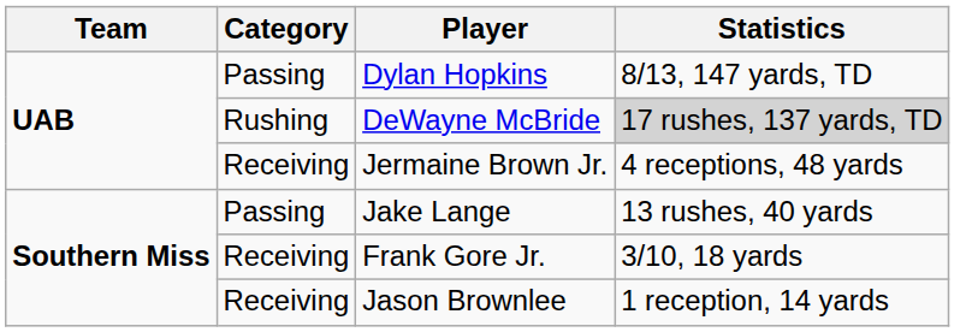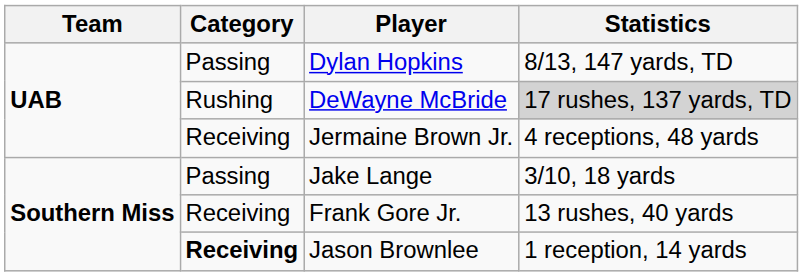 <table class="wikitable" style="float: left;">
 <tr>
 <th>Team</th>
 <th>Category</th>
 <th>Player</th>
 <th>Statistics</th>
 </tr>
 <tr>
 <td rowspan=3><strong>UAB</strong></td>
 <td>Passing</td>
 <td><a href='#'>Dylan Hopkins</a></td>
 <td>8/13, 147 yards, TD</td>
 </tr>
 <tr>
 <td>Rushing</td>
 <td><a href='#'>DeWayne McBride</a></td>
 <td style="background: lightgrey;">17 rushes, 137 yards, TD</td>
 </tr>
 <tr>
 <td>Receiving</td>
 <td>Jermaine Brown Jr.</td>
 <td>4 receptions, 48 yards</td>
 </tr>
 <tr>
 <td rowspan=3><strong>Southern Miss</strong></td>
 <td>Passing</td>
 <td>Jake Lange</td>
-<td>13 rushes, 40 yards</td>
+<td>3/10, 18 yards</td>
 </tr>
 <tr>
 <td>Receiving</td>
 <td>Frank Gore Jr.</td>
-<td>3/10, 18 yards</td>
+<td>13 rushes, 40 yards</td>
 </tr>
 <tr>
-<td>Receiving</td>
+<td><strong>Receiving</strong></td>
 <td>Jason Brownlee</td>
 <td>1 reception, 14 yards</td>
 </tr>
 </table>
